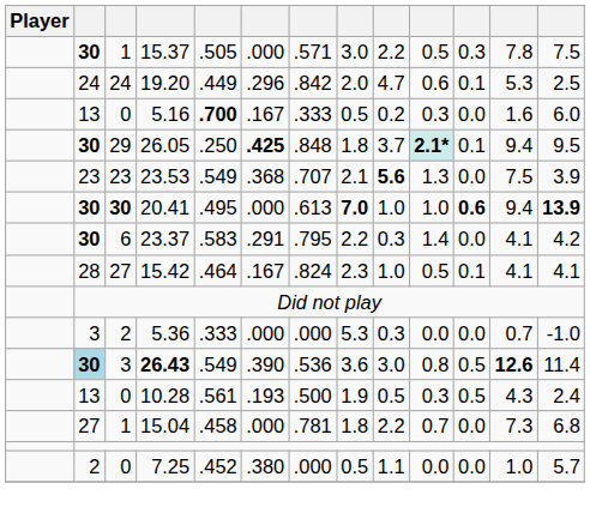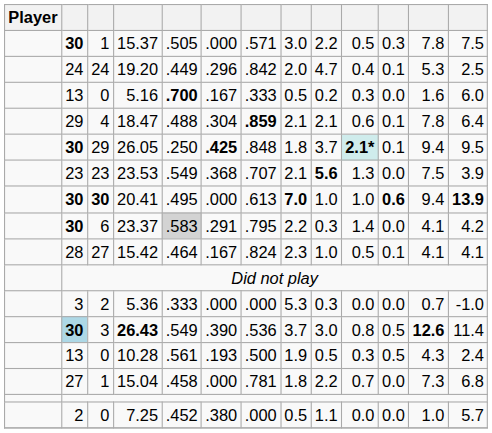 <table class="wikitable sortable" style="font-size:95%; text-align:right;">
 <tr>
 <th>Player</th>
 <th></th>
 <th></th>
 <th></th>
 <th></th>
 <th></th>
 <th></th>
 <th></th>
 <th></th>
 <th></th>
 <th></th>
 <th></th>
 <th></th>
 </tr>
 <tr>
 <td><strong></strong></td>
 <td><strong>30</strong></td>
 <td>1</td>
 <td>15.37</td>
 <td>.505</td>
 <td>.000</td>
 <td>.571</td>
 <td>3.0</td>
 <td>2.2</td>
 <td>0.5</td>
 <td>0.3</td>
 <td>7.8</td>
 <td>7.5</td>
 </tr>
 <tr>
 <td><strong></strong></td>
 <td>24</td>
 <td>24</td>
 <td>19.20</td>
 <td>.449</td>
 <td>.296</td>
 <td>.842</td>
 <td>2.0</td>
 <td>4.7</td>
-<td>0.6</td>
+<td>0.4</td>
 <td>0.1</td>
 <td>5.3</td>
 <td>2.5</td>
 </tr>
 <tr>
 <td><strong></strong></td>
 <td>13</td>
 <td>0</td>
 <td>5.16</td>
 <td><strong>.700</strong></td>
 <td>.167</td>
 <td>.333</td>
 <td>0.5</td>
 <td>0.2</td>
 <td>0.3</td>
 <td>0.0</td>
 <td>1.6</td>
 <td>6.0</td>
+</tr>
+<tr>
+<td><strong></strong></td>
+<td>29</td>
+<td>4</td>
+<td>18.47</td>
+<td>.488</td>
+<td>.304</td>
+<td><strong>.859</strong></td>
+<td>2.1</td>
+<td>2.1</td>
+<td>0.6</td>
+<td>0.1</td>
+<td>7.8</td>
+<td>6.4</td>
 </tr>
 <tr>
 <td><strong></strong></td>
 <td><strong>30</strong></td>
 <td>29</td>
 <td>26.05</td>
 <td>.250</td>
 <td><strong>.425</strong></td>
 <td>.848</td>
 <td>1.8</td>
 <td>3.7</td>
 <td style="background:#cfecec;"><strong>2.1*</strong></td>
 <td>0.1</td>
 <td>9.4</td>
 <td>9.5</td>
 </tr>
 <tr>
 <td><strong></strong></td>
 <td>23</td>
 <td>23</td>
 <td>23.53</td>
 <td>.549</td>
 <td>.368</td>
 <td>.707</td>
 <td>2.1</td>
 <td><strong>5.6</strong></td>
 <td>1.3</td>
 <td>0.0</td>
 <td>7.5</td>
 <td>3.9</td>
 </tr>
 <tr>
 <td><strong></strong></td>
 <td><strong>30</strong></td>
 <td><strong>30</strong></td>
 <td>20.41</td>
 <td>.495</td>
 <td>.000</td>
 <td>.613</td>
 <td><strong>7.0</strong></td>
 <td>1.0</td>
 <td>1.0</td>
 <td><strong>0.6</strong></td>
 <td>9.4</td>
 <td><strong>13.9</strong></td>
 </tr>
 <tr>
 <td><strong></strong></td>
 <td><strong>30</strong></td>
 <td>6</td>
 <td>23.37</td>
-<td>.583</td>
+<td style="background: lightgrey;">.583</td>
 <td>.291</td>
 <td>.795</td>
 <td>2.2</td>
 <td>0.3</td>
 <td>1.4</td>
 <td>0.0</td>
 <td>4.1</td>
 <td>4.2</td>
 </tr>
 <tr>
 <td><strong></strong></td>
 <td>28</td>
 <td>27</td>
 <td>15.42</td>
 <td>.464</td>
 <td>.167</td>
 <td>.824</td>
 <td>2.3</td>
 <td>1.0</td>
 <td>0.5</td>
 <td>0.1</td>
 <td>4.1</td>
 <td>4.1</td>
 </tr>
 <tr>
 <td><strong></strong></td>
 <td colspan=12 style="text-align:center;"><em>Did not play</em></td>
 </tr>
 <tr>
 <td><strong></strong></td>
 <td>3</td>
 <td>2</td>
 <td>5.36</td>
 <td>.333</td>
 <td>.000</td>
 <td>.000</td>
 <td>5.3</td>
 <td>0.3</td>
 <td>0.0</td>
 <td>0.0</td>
 <td>0.7</td>
 <td>-1.0</td>
 </tr>
 <tr>
 <td><strong></strong></td>
 <td style="background: lightblue;"><strong>30</strong></td>
 <td>3</td>
 <td><strong>26.43</strong></td>
 <td>.549</td>
 <td>.390</td>
 <td>.536</td>
-<td>3.6</td>
+<td>3.7</td>
 <td>3.0</td>
 <td>0.8</td>
 <td>0.5</td>
 <td><strong>12.6</strong></td>
 <td>11.4</td>
 </tr>
 <tr>
 <td><strong></strong></td>
 <td>13</td>
 <td>0</td>
 <td>10.28</td>
 <td>.561</td>
 <td>.193</td>
 <td>.500</td>
 <td>1.9</td>
 <td>0.5</td>
 <td>0.3</td>
 <td>0.5</td>
 <td>4.3</td>
 <td>2.4</td>
 </tr>
 <tr>
 <td><strong></strong></td>
 <td>27</td>
 <td>1</td>
 <td>15.04</td>
 <td>.458</td>
 <td>.000</td>
 <td>.781</td>
 <td>1.8</td>
 <td>2.2</td>
 <td>0.7</td>
 <td>0.0</td>
 <td>7.3</td>
 <td>6.8</td>
 </tr>
 <tr>
 <td></td>
 </tr>
 <tr>
 <td><em></em></td>
 <td>2</td>
 <td>0</td>
 <td>7.25</td>
 <td>.452</td>
 <td>.380</td>
 <td>.000</td>
 <td>0.5</td>
 <td>1.1</td>
 <td>0.0</td>
 <td>0.0</td>
 <td>1.0</td>
 <td>5.7</td>
 </tr>
 <tr>
 </tr>
 </table>
